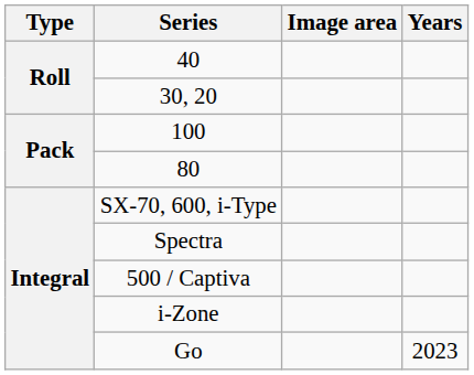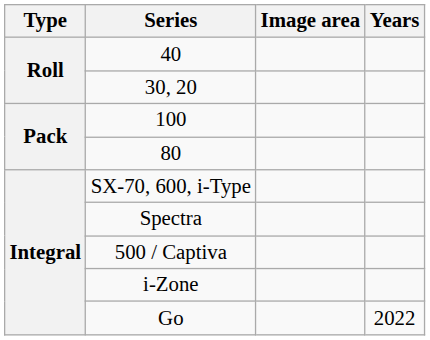 <table class="wikitable sortable" style="font-size:100%;text-align:center;">
 <tr>
 <th>Type</th>
 <th>Series</th>
 <th>Image area</th>
 <th>Years</th>
 </tr>
 <tr>
 <th rowspan=2>Roll</th>
 <td>40</td>
 <td></td>
 <td></td>
 </tr>
 <tr>
 <td>30, 20</td>
 <td></td>
 <td></td>
 </tr>
 <tr>
 <th rowspan=2>Pack</th>
 <td>100</td>
 <td></td>
 <td></td>
 </tr>
 <tr>
 <td>80</td>
 <td></td>
 <td></td>
 </tr>
 <tr>
 <th rowspan=5>Integral</th>
 <td>SX-70, 600, i-Type</td>
 <td></td>
 <td></td>
 </tr>
 <tr>
 <td>Spectra</td>
 <td></td>
 <td></td>
 </tr>
 <tr>
 <td>500 / Captiva</td>
 <td></td>
 <td></td>
 </tr>
 <tr>
 <td>i-Zone</td>
 <td></td>
 <td></td>
 </tr>
 <tr>
 <td>Go</td>
 <td></td>
-<td>2023</td>
+<td>2022</td>
 </tr>
 </table>
